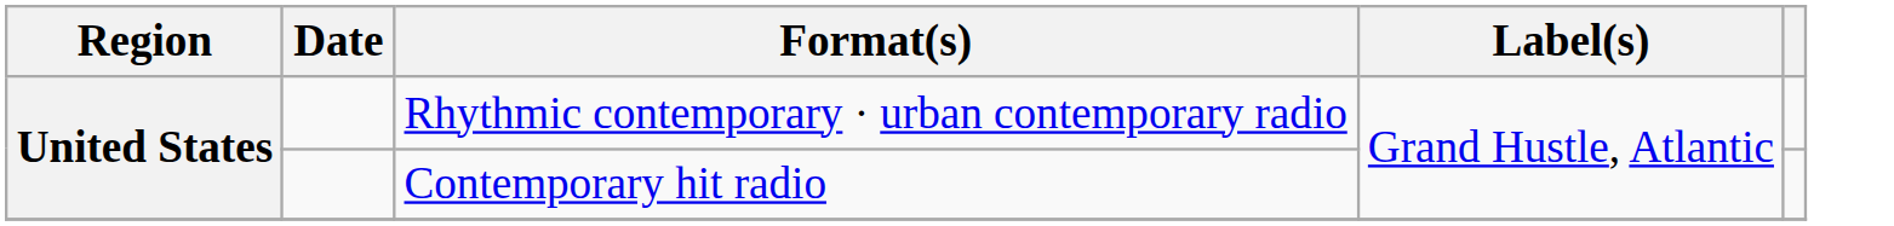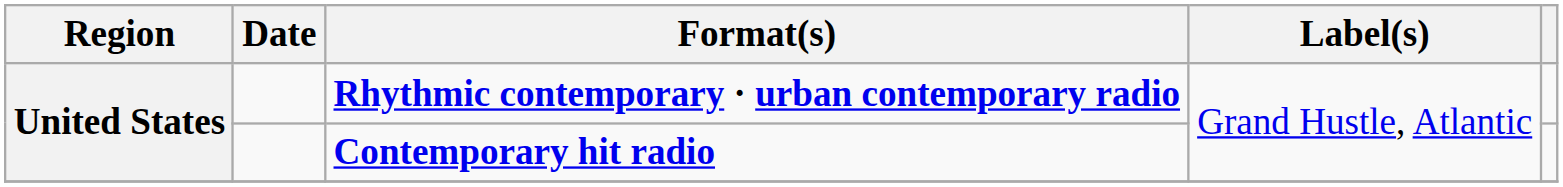 <table class="wikitable plainrowheaders" style="text-align:left">
 <tr>
 <th scope="col">Region</th>
 <th scope="col">Date</th>
 <th scope="col">Format(s)</th>
 <th scope="col">Label(s)</th>
 <th scope="col"></th>
 </tr>
 <tr>
 <th scope="row" rowspan="2">United States</th>
 <td></td>
-<td><a href='#'>Rhythmic contemporary</a> · <a href='#'>urban contemporary radio</a></td>
+<td><strong><a href='#'>Rhythmic contemporary</a> · <a href='#'>urban contemporary radio</a></strong></td>
 <td rowspan="2"><a href='#'>Grand Hustle</a>, <a href='#'>Atlantic</a></td>
 <td></td>
 </tr>
 <tr>
 <td></td>
-<td><a href='#'>Contemporary hit radio</a></td>
+<td><strong><a href='#'>Contemporary hit radio</a></strong></td>
 <td></td>
 </tr>
 <tr>
 </tr>
 </table>
